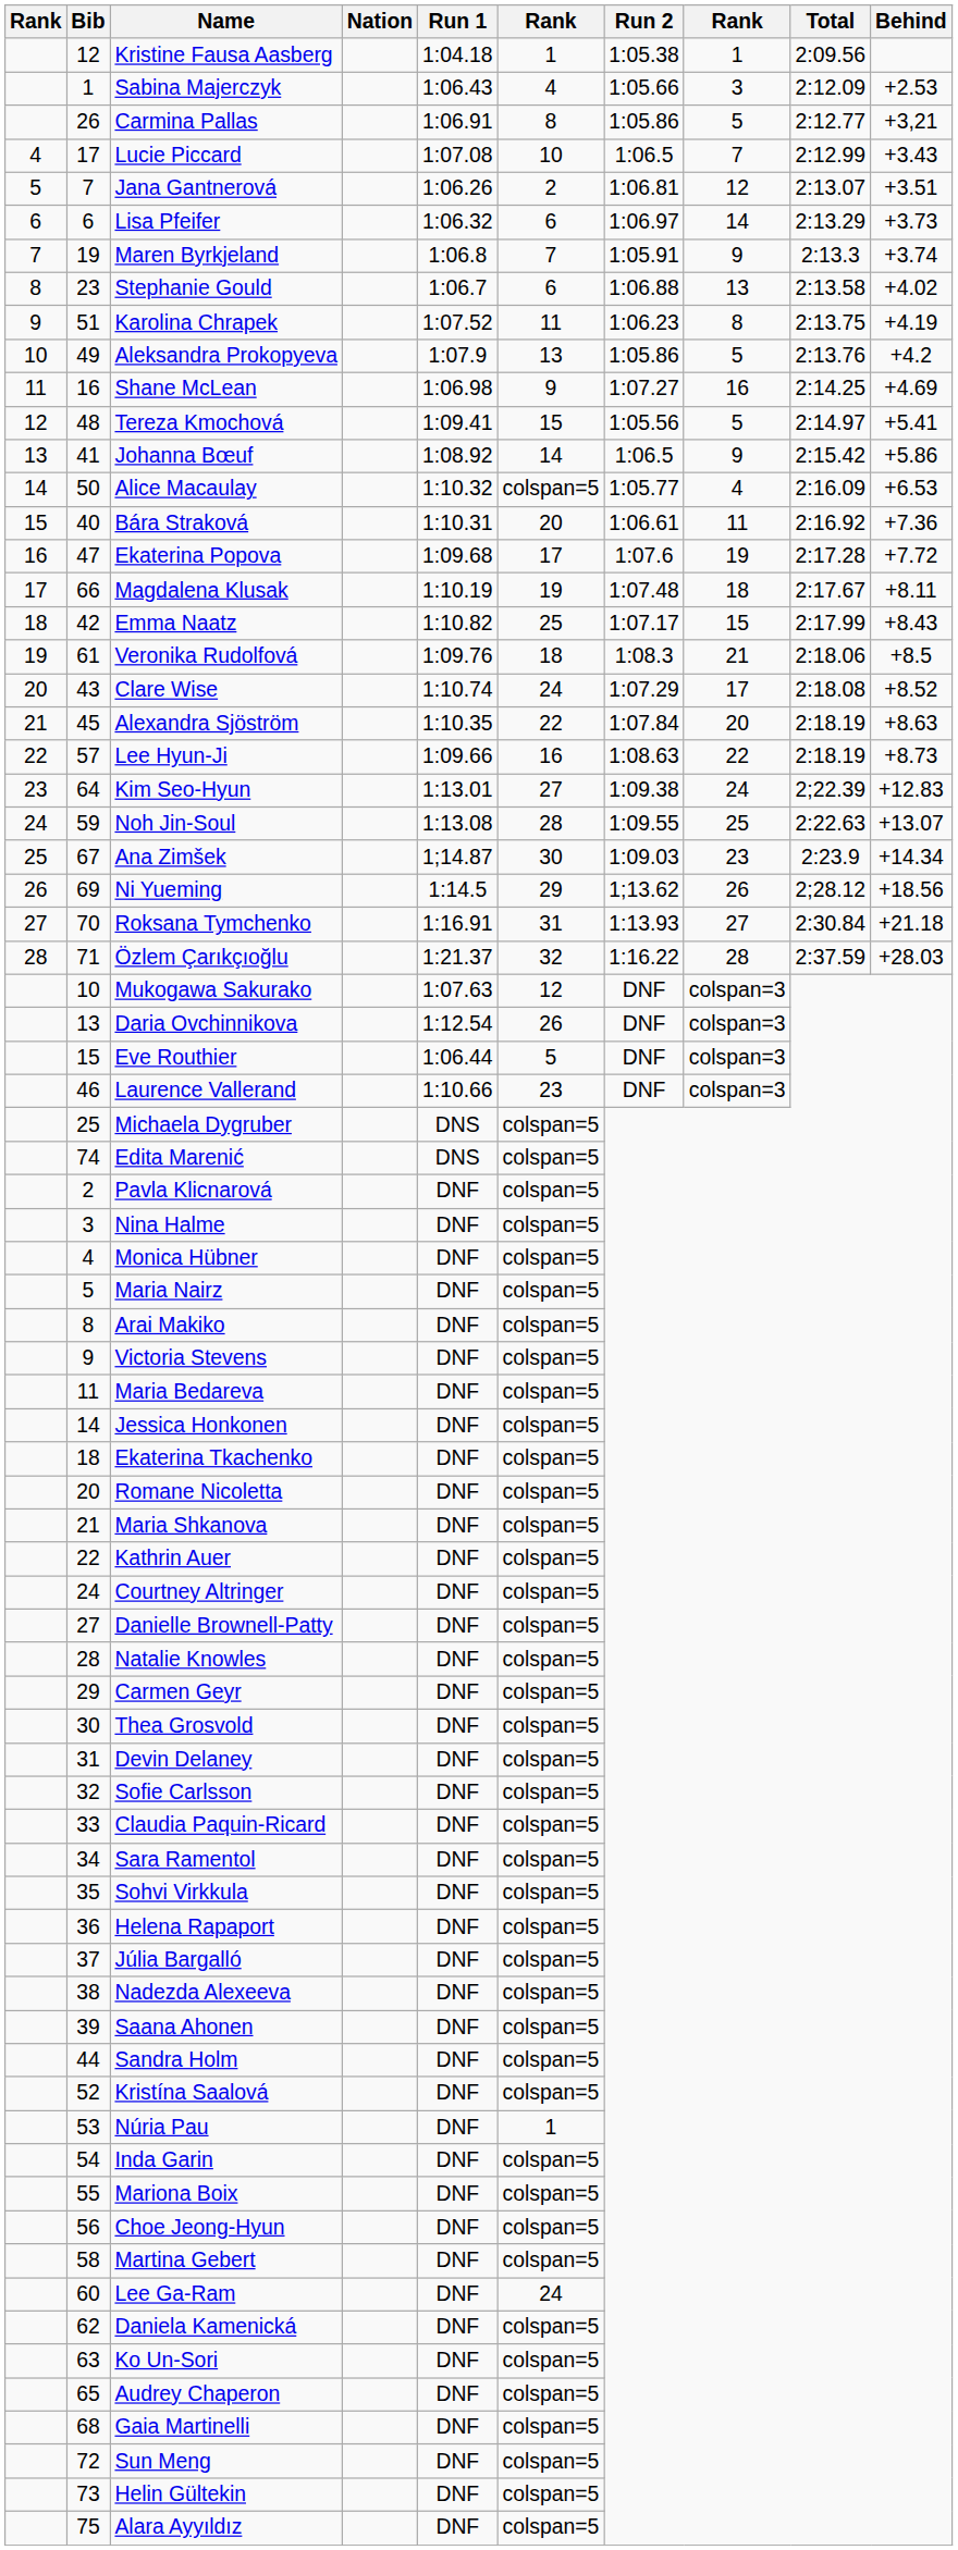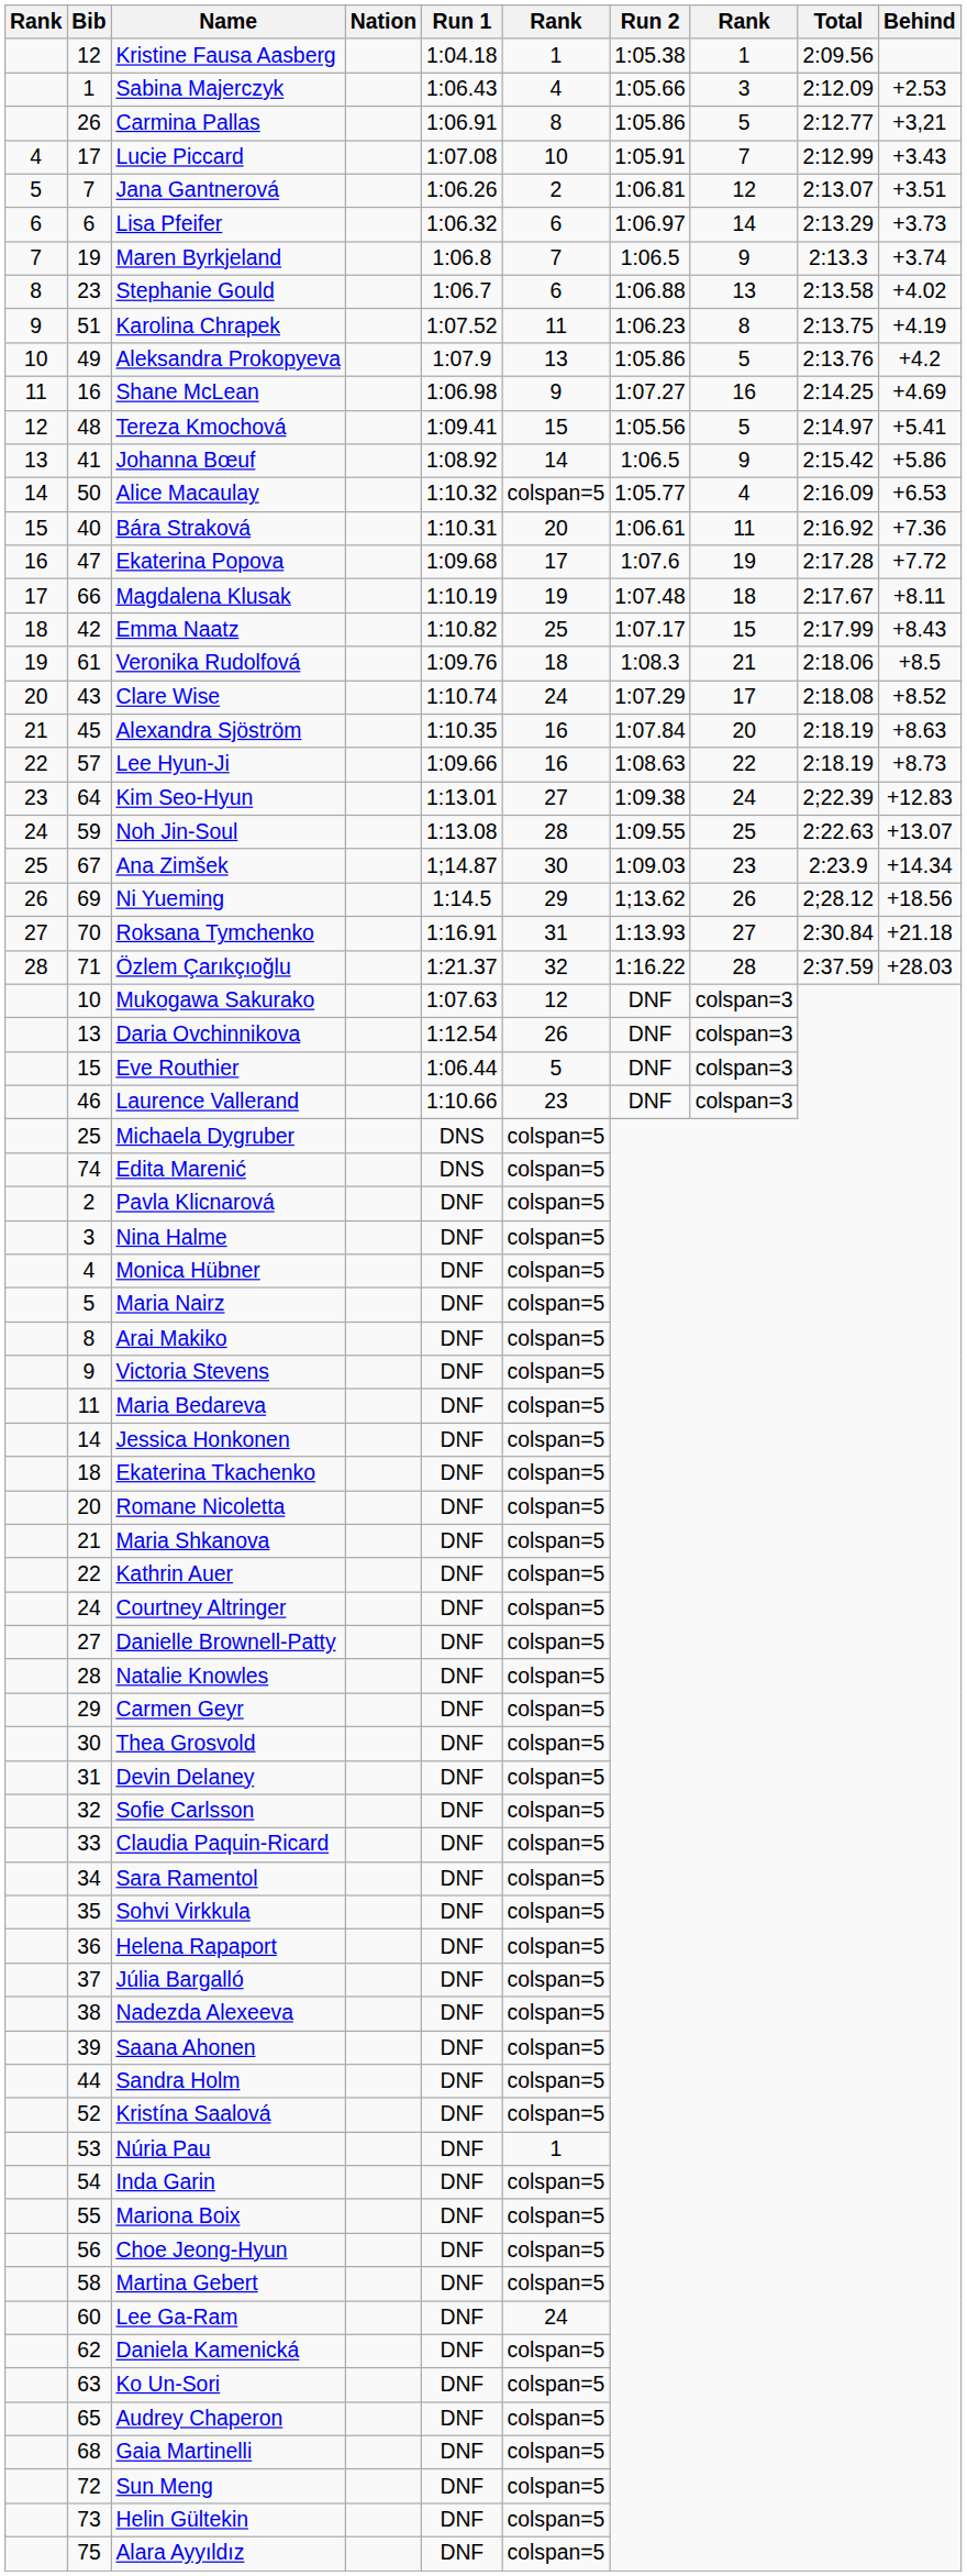 <table class="wikitable sortable" style="text-align:center">
 <tr>
 <th>Rank</th>
 <th>Bib</th>
 <th>Name</th>
 <th>Nation</th>
 <th>Run 1</th>
 <th>Rank</th>
 <th>Run 2</th>
 <th>Rank</th>
 <th>Total</th>
 <th>Behind</th>
 </tr>
 <tr>
 <td></td>
 <td>12</td>
 <td align=left><a href='#'>Kristine Fausa Aasberg</a></td>
 <td align=left></td>
 <td>1:04.18</td>
 <td>1</td>
 <td>1:05.38</td>
 <td>1</td>
 <td>2:09.56</td>
 <td></td>
 </tr>
 <tr>
 <td></td>
 <td>1</td>
 <td align=left><a href='#'>Sabina Majerczyk</a></td>
 <td align=left></td>
 <td>1:06.43</td>
 <td>4</td>
 <td>1:05.66</td>
 <td>3</td>
 <td>2:12.09</td>
 <td>+2.53</td>
 </tr>
 <tr>
 <td></td>
 <td>26</td>
 <td align=left><a href='#'>Carmina Pallas</a></td>
 <td align=left></td>
 <td>1:06.91</td>
 <td>8</td>
 <td>1:05.86</td>
 <td>5</td>
 <td>2:12.77</td>
 <td>+3,21</td>
 </tr>
 <tr>
 <td>4</td>
 <td>17</td>
 <td align=left><a href='#'>Lucie Piccard</a></td>
 <td align=left></td>
 <td>1:07.08</td>
 <td>10</td>
-<td>1:06.5</td>
+<td>1:05.91</td>
 <td>7</td>
 <td>2:12.99</td>
 <td>+3.43</td>
 </tr>
 <tr>
 <td>5</td>
 <td>7</td>
 <td align=left><a href='#'>Jana Gantnerová</a></td>
 <td align=left></td>
 <td>1:06.26</td>
 <td>2</td>
 <td>1:06.81</td>
 <td>12</td>
 <td>2:13.07</td>
 <td>+3.51</td>
 </tr>
 <tr>
 <td>6</td>
 <td>6</td>
 <td align=left><a href='#'>Lisa Pfeifer</a></td>
 <td align=left></td>
 <td>1:06.32</td>
 <td>6</td>
 <td>1:06.97</td>
 <td>14</td>
 <td>2:13.29</td>
 <td>+3.73</td>
 </tr>
 <tr>
 <td>7</td>
 <td>19</td>
 <td align=left><a href='#'>Maren Byrkjeland</a></td>
 <td align=left></td>
 <td>1:06.8</td>
 <td>7</td>
-<td>1:05.91</td>
+<td>1:06.5</td>
 <td>9</td>
 <td>2:13.3</td>
 <td>+3.74</td>
 </tr>
 <tr>
 <td>8</td>
 <td>23</td>
 <td align=left><a href='#'>Stephanie Gould</a></td>
 <td align=left></td>
 <td>1:06.7</td>
 <td>6</td>
 <td>1:06.88</td>
 <td>13</td>
 <td>2:13.58</td>
 <td>+4.02</td>
 </tr>
 <tr>
 <td>9</td>
 <td>51</td>
 <td align=left><a href='#'>Karolina Chrapek</a></td>
 <td align=left></td>
 <td>1:07.52</td>
 <td>11</td>
 <td>1:06.23</td>
 <td>8</td>
 <td>2:13.75</td>
 <td>+4.19</td>
 </tr>
 <tr>
 <td>10</td>
 <td>49</td>
 <td align=left><a href='#'>Aleksandra Prokopyeva</a></td>
 <td align=left></td>
 <td>1:07.9</td>
 <td>13</td>
 <td>1:05.86</td>
 <td>5</td>
 <td>2:13.76</td>
 <td>+4.2</td>
 </tr>
 <tr>
 <td>11</td>
 <td>16</td>
 <td align=left><a href='#'>Shane McLean</a></td>
 <td align=left></td>
 <td>1:06.98</td>
 <td>9</td>
 <td>1:07.27</td>
 <td>16</td>
 <td>2:14.25</td>
 <td>+4.69</td>
 </tr>
 <tr>
 <td>12</td>
 <td>48</td>
 <td align=left><a href='#'>Tereza Kmochová</a></td>
 <td align=left></td>
 <td>1:09.41</td>
 <td>15</td>
 <td>1:05.56</td>
 <td>5</td>
 <td>2:14.97</td>
 <td>+5.41</td>
 </tr>
 <tr>
 <td>13</td>
 <td>41</td>
 <td align=left><a href='#'>Johanna Bœuf</a></td>
 <td align=left></td>
 <td>1:08.92</td>
 <td>14</td>
 <td>1:06.5</td>
 <td>9</td>
 <td>2:15.42</td>
 <td>+5.86</td>
 </tr>
 <tr>
 <td>14</td>
 <td>50</td>
 <td align=left><a href='#'>Alice Macaulay</a></td>
 <td align=left></td>
 <td>1:10.32</td>
 <td>colspan=5 </td>
 <td>1:05.77</td>
 <td>4</td>
 <td>2:16.09</td>
 <td>+6.53</td>
 </tr>
 <tr>
 <td>15</td>
 <td>40</td>
 <td align=left><a href='#'>Bára Straková</a></td>
 <td align=left></td>
 <td>1:10.31</td>
 <td>20</td>
 <td>1:06.61</td>
 <td>11</td>
 <td>2:16.92</td>
 <td>+7.36</td>
 </tr>
 <tr>
 <td>16</td>
 <td>47</td>
 <td align=left><a href='#'>Ekaterina Popova</a></td>
 <td align=left></td>
 <td>1:09.68</td>
 <td>17</td>
 <td>1:07.6</td>
 <td>19</td>
 <td>2:17.28</td>
 <td>+7.72</td>
 </tr>
 <tr>
 <td>17</td>
 <td>66</td>
 <td align=left><a href='#'>Magdalena Klusak</a></td>
 <td align=left></td>
 <td>1:10.19</td>
 <td>19</td>
 <td>1:07.48</td>
 <td>18</td>
 <td>2:17.67</td>
 <td>+8.11</td>
 </tr>
 <tr>
 <td>18</td>
 <td>42</td>
 <td align=left><a href='#'>Emma Naatz</a></td>
 <td align=left></td>
 <td>1:10.82</td>
 <td>25</td>
 <td>1:07.17</td>
 <td>15</td>
 <td>2:17.99</td>
 <td>+8.43</td>
 </tr>
 <tr>
 <td>19</td>
 <td>61</td>
 <td align=left><a href='#'>Veronika Rudolfová</a></td>
 <td align=left></td>
 <td>1:09.76</td>
 <td>18</td>
 <td>1:08.3</td>
 <td>21</td>
 <td>2:18.06</td>
 <td>+8.5</td>
 </tr>
 <tr>
 <td>20</td>
 <td>43</td>
 <td align=left><a href='#'>Clare Wise</a></td>
 <td align=left></td>
 <td>1:10.74</td>
 <td>24</td>
 <td>1:07.29</td>
 <td>17</td>
 <td>2:18.08</td>
 <td>+8.52</td>
 </tr>
 <tr>
 <td>21</td>
 <td>45</td>
 <td align=left><a href='#'>Alexandra Sjöström</a></td>
 <td align=left></td>
 <td>1:10.35</td>
-<td>22</td>
+<td>16</td>
 <td>1:07.84</td>
 <td>20</td>
 <td>2:18.19</td>
 <td>+8.63</td>
 </tr>
 <tr>
 <td>22</td>
 <td>57</td>
 <td align=left><a href='#'>Lee Hyun-Ji</a></td>
 <td align=left></td>
 <td>1:09.66</td>
 <td>16</td>
 <td>1:08.63</td>
 <td>22</td>
 <td>2:18.19</td>
 <td>+8.73</td>
 </tr>
 <tr>
 <td>23</td>
 <td>64</td>
 <td align=left><a href='#'>Kim Seo-Hyun</a></td>
 <td align=left></td>
 <td>1:13.01</td>
 <td>27</td>
 <td>1:09.38</td>
 <td>24</td>
 <td>2;22.39</td>
 <td>+12.83</td>
 </tr>
 <tr>
 <td>24</td>
 <td>59</td>
 <td align=left><a href='#'>Noh Jin-Soul</a></td>
 <td align=left></td>
 <td>1:13.08</td>
 <td>28</td>
 <td>1:09.55</td>
 <td>25</td>
 <td>2:22.63</td>
 <td>+13.07</td>
 </tr>
 <tr>
 <td>25</td>
 <td>67</td>
 <td align=left><a href='#'>Ana Zimšek</a></td>
 <td align=left></td>
 <td>1;14.87</td>
 <td>30</td>
 <td>1:09.03</td>
 <td>23</td>
 <td>2:23.9</td>
 <td>+14.34</td>
 </tr>
 <tr>
 <td>26</td>
 <td>69</td>
 <td align=left><a href='#'>Ni Yueming</a></td>
 <td align=left></td>
 <td>1:14.5</td>
 <td>29</td>
 <td>1;13.62</td>
 <td>26</td>
 <td>2;28.12</td>
 <td>+18.56</td>
 </tr>
 <tr>
 <td>27</td>
 <td>70</td>
 <td align=left><a href='#'>Roksana Tymchenko</a></td>
 <td align=left></td>
 <td>1:16.91</td>
 <td>31</td>
 <td>1:13.93</td>
 <td>27</td>
 <td>2:30.84</td>
 <td>+21.18</td>
 </tr>
 <tr>
 <td>28</td>
 <td>71</td>
 <td align=left><a href='#'>Özlem Çarıkçıoğlu</a></td>
 <td align=left></td>
 <td>1:21.37</td>
 <td>32</td>
 <td>1:16.22</td>
 <td>28</td>
 <td>2:37.59</td>
 <td>+28.03</td>
 </tr>
 <tr>
 <td></td>
 <td>10</td>
 <td align=left><a href='#'>Mukogawa Sakurako</a></td>
 <td align=left></td>
 <td>1:07.63</td>
 <td>12</td>
 <td>DNF</td>
 <td>colspan=3 </td>
 </tr>
 <tr>
 <td></td>
 <td>13</td>
 <td align=left><a href='#'>Daria Ovchinnikova</a></td>
 <td align=left></td>
 <td>1:12.54</td>
 <td>26</td>
 <td>DNF</td>
 <td>colspan=3 </td>
 </tr>
 <tr>
 <td></td>
 <td>15</td>
 <td align=left><a href='#'>Eve Routhier</a></td>
 <td align=left></td>
 <td>1:06.44</td>
 <td>5</td>
 <td>DNF</td>
 <td>colspan=3 </td>
 </tr>
 <tr>
 <td></td>
 <td>46</td>
 <td align=left><a href='#'>Laurence Vallerand</a></td>
 <td align=left></td>
 <td>1:10.66</td>
 <td>23</td>
 <td>DNF</td>
 <td>colspan=3 </td>
 </tr>
 <tr>
 <td></td>
 <td>25</td>
 <td align=left><a href='#'>Michaela Dygruber</a></td>
 <td align=left></td>
 <td>DNS</td>
 <td>colspan=5 </td>
 </tr>
 <tr>
 <td></td>
 <td>74</td>
 <td align=left><a href='#'>Edita Marenić</a></td>
 <td align=left></td>
 <td>DNS</td>
 <td>colspan=5 </td>
 </tr>
 <tr>
 <td></td>
 <td>2</td>
 <td align=left><a href='#'>Pavla Klicnarová</a></td>
 <td align=left></td>
 <td>DNF</td>
 <td>colspan=5 </td>
 </tr>
 <tr>
 <td></td>
 <td>3</td>
 <td align=left><a href='#'>Nina Halme</a></td>
 <td align=left></td>
 <td>DNF</td>
 <td>colspan=5 </td>
 </tr>
 <tr>
 <td></td>
 <td>4</td>
 <td align=left><a href='#'>Monica Hübner</a></td>
 <td align=left></td>
 <td>DNF</td>
 <td>colspan=5 </td>
 </tr>
 <tr>
 <td></td>
 <td>5</td>
 <td align=left><a href='#'>Maria Nairz</a></td>
 <td align=left></td>
 <td>DNF</td>
 <td>colspan=5 </td>
 </tr>
 <tr>
 <td></td>
 <td>8</td>
 <td align=left><a href='#'>Arai Makiko</a></td>
 <td align=left></td>
 <td>DNF</td>
 <td>colspan=5 </td>
 </tr>
 <tr>
 <td></td>
 <td>9</td>
 <td align=left><a href='#'>Victoria Stevens</a></td>
 <td align=left></td>
 <td>DNF</td>
 <td>colspan=5 </td>
 </tr>
 <tr>
 <td></td>
 <td>11</td>
 <td align=left><a href='#'>Maria Bedareva</a></td>
 <td align=left></td>
 <td>DNF</td>
 <td>colspan=5 </td>
 </tr>
 <tr>
 <td></td>
 <td>14</td>
 <td align=left><a href='#'>Jessica Honkonen</a></td>
 <td align=left></td>
 <td>DNF</td>
 <td>colspan=5 </td>
 </tr>
 <tr>
 <td></td>
 <td>18</td>
 <td align=left><a href='#'>Ekaterina Tkachenko</a></td>
 <td align=left></td>
 <td>DNF</td>
 <td>colspan=5 </td>
 </tr>
 <tr>
 <td></td>
 <td>20</td>
 <td align=left><a href='#'>Romane Nicoletta</a></td>
 <td align=left></td>
 <td>DNF</td>
 <td>colspan=5 </td>
 </tr>
 <tr>
 <td></td>
 <td>21</td>
 <td align=left><a href='#'>Maria Shkanova</a></td>
 <td align=left></td>
 <td>DNF</td>
 <td>colspan=5 </td>
 </tr>
 <tr>
 <td></td>
 <td>22</td>
 <td align=left><a href='#'>Kathrin Auer</a></td>
 <td align=left></td>
 <td>DNF</td>
 <td>colspan=5 </td>
 </tr>
 <tr>
 <td></td>
 <td>24</td>
 <td align=left><a href='#'>Courtney Altringer</a></td>
 <td align=left></td>
 <td>DNF</td>
 <td>colspan=5 </td>
 </tr>
 <tr>
 <td></td>
 <td>27</td>
 <td align=left><a href='#'>Danielle Brownell-Patty</a></td>
 <td align=left></td>
 <td>DNF</td>
 <td>colspan=5 </td>
 </tr>
 <tr>
 <td></td>
 <td>28</td>
 <td align=left><a href='#'>Natalie Knowles</a></td>
 <td align=left></td>
 <td>DNF</td>
 <td>colspan=5 </td>
 </tr>
 <tr>
 <td></td>
 <td>29</td>
 <td align=left><a href='#'>Carmen Geyr</a></td>
 <td align=left></td>
 <td>DNF</td>
 <td>colspan=5 </td>
 </tr>
 <tr>
 <td></td>
 <td>30</td>
 <td align=left><a href='#'>Thea Grosvold</a></td>
 <td align=left></td>
 <td>DNF</td>
 <td>colspan=5 </td>
 </tr>
 <tr>
 <td></td>
 <td>31</td>
 <td align=left><a href='#'>Devin Delaney</a></td>
 <td align=left></td>
 <td>DNF</td>
 <td>colspan=5 </td>
 </tr>
 <tr>
 <td></td>
 <td>32</td>
 <td align=left><a href='#'>Sofie Carlsson</a></td>
 <td align=left></td>
 <td>DNF</td>
 <td>colspan=5 </td>
 </tr>
 <tr>
 <td></td>
 <td>33</td>
 <td align=left><a href='#'>Claudia Paquin-Ricard</a></td>
 <td align=left></td>
 <td>DNF</td>
 <td>colspan=5 </td>
 </tr>
 <tr>
 <td></td>
 <td>34</td>
 <td align=left><a href='#'>Sara Ramentol</a></td>
 <td align=left></td>
 <td>DNF</td>
 <td>colspan=5 </td>
 </tr>
 <tr>
 <td></td>
 <td>35</td>
 <td align=left><a href='#'>Sohvi Virkkula</a></td>
 <td align=left></td>
 <td>DNF</td>
 <td>colspan=5 </td>
 </tr>
 <tr>
 <td></td>
 <td>36</td>
 <td align=left><a href='#'>Helena Rapaport</a></td>
 <td align=left></td>
 <td>DNF</td>
 <td>colspan=5 </td>
 </tr>
 <tr>
 <td></td>
 <td>37</td>
 <td align=left><a href='#'>Júlia Bargalló</a></td>
 <td align=left></td>
 <td>DNF</td>
 <td>colspan=5 </td>
 </tr>
 <tr>
 <td></td>
 <td>38</td>
 <td align=left><a href='#'>Nadezda Alexeeva</a></td>
 <td align=left></td>
 <td>DNF</td>
 <td>colspan=5 </td>
 </tr>
 <tr>
 <td></td>
 <td>39</td>
 <td align=left><a href='#'>Saana Ahonen</a></td>
 <td align=left></td>
 <td>DNF</td>
 <td>colspan=5 </td>
 </tr>
 <tr>
 <td></td>
 <td>44</td>
 <td align=left><a href='#'>Sandra Holm</a></td>
 <td align=left></td>
 <td>DNF</td>
 <td>colspan=5 </td>
 </tr>
 <tr>
 <td></td>
 <td>52</td>
 <td align=left><a href='#'>Kristína Saalová</a></td>
 <td align=left></td>
 <td>DNF</td>
 <td>colspan=5 </td>
 </tr>
 <tr>
 <td></td>
 <td>53</td>
 <td align=left><a href='#'>Núria Pau</a></td>
 <td align=left></td>
 <td>DNF</td>
 <td>1</td>
 </tr>
 <tr>
 <td></td>
 <td>54</td>
 <td align=left><a href='#'>Inda Garin</a></td>
 <td align=left></td>
 <td>DNF</td>
 <td>colspan=5 </td>
 </tr>
 <tr>
 <td></td>
 <td>55</td>
 <td align=left><a href='#'>Mariona Boix</a></td>
 <td align=left></td>
 <td>DNF</td>
 <td>colspan=5 </td>
 </tr>
 <tr>
 <td></td>
 <td>56</td>
 <td align=left><a href='#'>Choe Jeong-Hyun</a></td>
 <td align=left></td>
 <td>DNF</td>
 <td>colspan=5 </td>
 </tr>
 <tr>
 <td></td>
 <td>58</td>
 <td align=left><a href='#'>Martina Gebert</a></td>
 <td align=left></td>
 <td>DNF</td>
 <td>colspan=5 </td>
 </tr>
 <tr>
 <td></td>
 <td>60</td>
 <td align=left><a href='#'>Lee Ga-Ram</a></td>
 <td align=left></td>
 <td>DNF</td>
 <td>24</td>
 </tr>
 <tr>
 <td></td>
 <td>62</td>
 <td align=left><a href='#'>Daniela Kamenická</a></td>
 <td align=left></td>
 <td>DNF</td>
 <td>colspan=5 </td>
 </tr>
 <tr>
 <td></td>
 <td>63</td>
 <td align=left><a href='#'>Ko Un-Sori</a></td>
 <td align=left></td>
 <td>DNF</td>
 <td>colspan=5 </td>
 </tr>
 <tr>
 <td></td>
 <td>65</td>
 <td align=left><a href='#'>Audrey Chaperon</a></td>
 <td align=left></td>
 <td>DNF</td>
 <td>colspan=5 </td>
 </tr>
 <tr>
 <td></td>
 <td>68</td>
 <td align=left><a href='#'>Gaia Martinelli</a></td>
 <td align=left></td>
 <td>DNF</td>
 <td>colspan=5 </td>
 </tr>
 <tr>
 <td></td>
 <td>72</td>
 <td align=left><a href='#'>Sun Meng</a></td>
 <td align=left></td>
 <td>DNF</td>
 <td>colspan=5 </td>
 </tr>
 <tr>
 <td></td>
 <td>73</td>
 <td align=left><a href='#'>Helin Gültekin</a></td>
 <td align=left></td>
 <td>DNF</td>
 <td>colspan=5 </td>
 </tr>
 <tr>
 <td></td>
 <td>75</td>
 <td align=left><a href='#'>Alara Ayyıldız</a></td>
 <td align=left></td>
 <td>DNF</td>
 <td>colspan=5 </td>
 </tr>
 </table>
